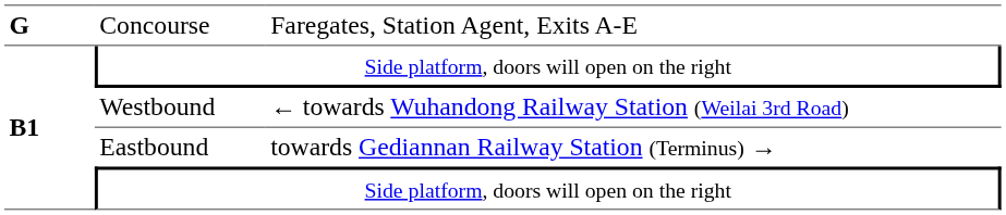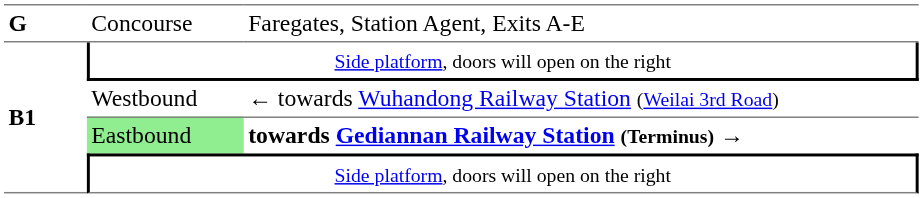 <table table border=0 cellspacing=0 cellpadding=3>
 <tr>
 <td style="border-top:solid 1px gray;border-bottom:solid 1px gray;" width=50><strong>G</strong></td>
 <td style="border-top:solid 1px gray;border-bottom:solid 1px gray;" width=100>Concourse</td>
 <td style="border-top:solid 1px gray;border-bottom:solid 1px gray;" width=450>Faregates, Station Agent, Exits A-E</td>
 </tr>
 <tr>
 <td style="border-bottom:solid 1px gray;" rowspan=4><strong>B1</strong></td>
 <td style="border-right:solid 2px black;border-left:solid 2px black;border-top:solid 0px black;border-bottom:solid 2px black;text-align:center;" colspan=2><small><a href='#'>Side platform</a>, doors will open on the right</small></td>
 </tr>
 <tr>
 <td>Westbound</td>
 <td>←  towards <a href='#'>Wuhandong Railway Station</a> <small>(<a href='#'>Weilai 3rd Road</a>)</small></td>
 </tr>
 <tr>
-<td style="border-top:solid 1px gray;">Eastbound</td>
-<td style="border-top:solid 1px gray;"> towards <a href='#'>Gediannan Railway Station</a> <small>(Terminus)</small> →</td>
+<td style="background: lightgreen; border-top:solid 1px gray;">Eastbound</td>
+<td style="border-top:solid 1px gray;"><strong> towards <a href='#'>Gediannan Railway Station</a> <small>(Terminus)</small> →</strong></td>
 </tr>
 <tr>
 <td style="border-right:solid 2px black;border-left:solid 2px black;border-top:solid 2px black;border-bottom:solid 1px gray;text-align:center;" colspan=2><small><a href='#'>Side platform</a>, doors will open on the right</small></td>
 </tr>
 </table>
